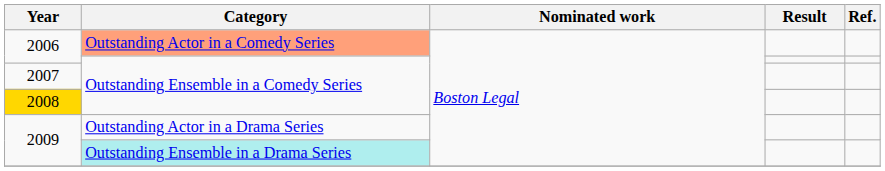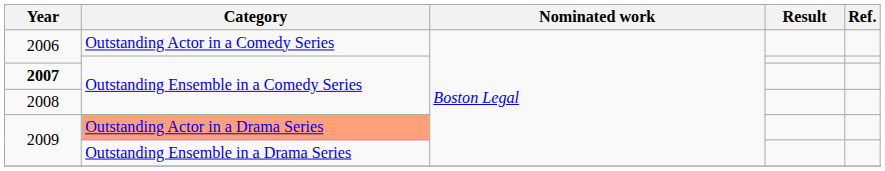 <table class=wikitable>
 <tr>
 <th scope="col" style="width:5em;">Year</th>
 <th scope="col" style="width:26em;">Category</th>
 <th scope="col" style="width:25em;">Nominated work</th>
 <th scope="col" style="width:5em;">Result</th>
 <th>Ref.</th>
 </tr>
 <tr>
 <td rowspan=2, style="text-align:center;">2006</td>
-<td style="background: lightsalmon;"><a href='#'>Outstanding Actor in a Comedy Series</a></td>
+<td><a href='#'>Outstanding Actor in a Comedy Series</a></td>
 <td rowspan=6><em><a href='#'>Boston Legal</a></em></td>
 <td></td>
 <td></td>
 </tr>
 <tr>
 <td rowspan=3><a href='#'>Outstanding Ensemble in a Comedy Series</a></td>
 <td></td>
 <td></td>
 </tr>
 <tr>
-<td style="text-align:center;">2007</td>
+<td style="text-align:center;"><strong>2007</strong></td>
 <td></td>
 <td></td>
 </tr>
 <tr>
-<td style="background: gold; text-align:center;">2008</td>
+<td style="text-align:center;">2008</td>
 <td></td>
 <td></td>
 </tr>
 <tr>
 <td rowspan=2, style="text-align:center;">2009</td>
-<td><a href='#'>Outstanding Actor in a Drama Series</a></td>
+<td style="background: lightsalmon;"><a href='#'>Outstanding Actor in a Drama Series</a></td>
 <td></td>
 <td></td>
 </tr>
 <tr>
-<td style="background: paleturquoise;"><a href='#'>Outstanding Ensemble in a Drama Series</a></td>
+<td><a href='#'>Outstanding Ensemble in a Drama Series</a></td>
 <td></td>
 <td></td>
 </tr>
 <tr>
 </tr>
 </table>
